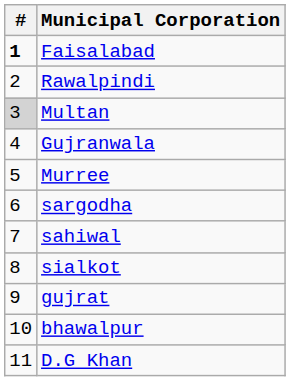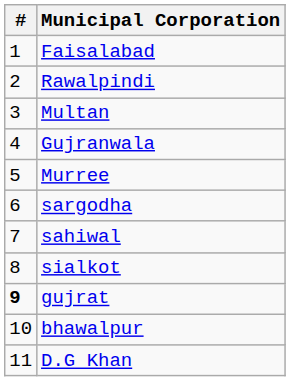 <table class="wikitable">
 <tr>
 <th>#</th>
 <th>Municipal Corporation</th>
 </tr>
 <tr>
-<td><strong>1</strong></td>
+<td>1</td>
 <td><a href='#'>Faisalabad</a></td>
 </tr>
 <tr>
 <td>2</td>
 <td><a href='#'>Rawalpindi</a></td>
 </tr>
 <tr>
-<td style="background: lightgrey;">3</td>
+<td>3</td>
 <td><a href='#'>Multan</a></td>
 </tr>
 <tr>
 <td>4</td>
 <td><a href='#'>Gujranwala</a></td>
 </tr>
 <tr>
 <td>5</td>
 <td><a href='#'>Murree</a></td>
 </tr>
 <tr>
 <td>6</td>
 <td><a href='#'>sargodha</a></td>
 </tr>
 <tr>
 <td>7</td>
 <td><a href='#'>sahiwal</a></td>
 </tr>
 <tr>
 <td>8</td>
 <td><a href='#'>sialkot</a></td>
 </tr>
 <tr>
-<td>9</td>
+<td><strong>9</strong></td>
 <td><a href='#'>gujrat</a></td>
 </tr>
 <tr>
 <td>10</td>
 <td><a href='#'>bhawalpur</a></td>
 </tr>
 <tr>
 <td>11</td>
 <td><a href='#'>D.G Khan</a></td>
 </tr>
 </table>
